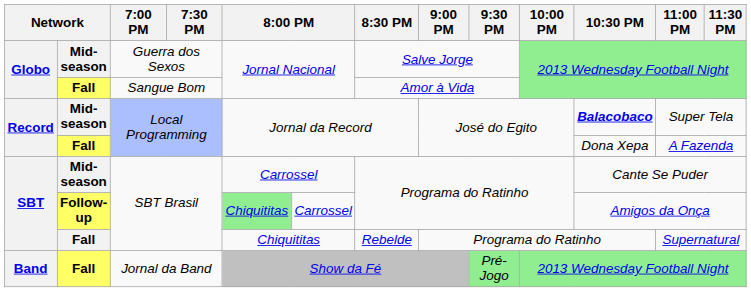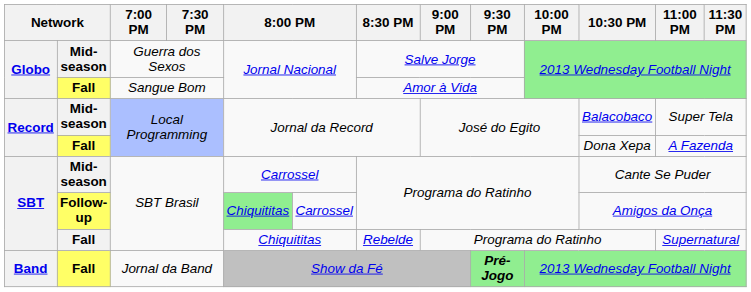 <table class="wikitable" style="width:100%;margin-right:0;text-align:center">
 <tr>
 <th colspan="2" style="width:12%;">Network</th>
 <th style="width:10%;">7:00 PM</th>
 <th style="width:10%;">7:30 PM</th>
 <th colspan="2" ! style="width:10%;">8:00 PM</th>
 <th style="width:10%;">8:30 PM</th>
 <th style="width:10%;">9:00 PM</th>
 <th style="width:10%;">9:30 PM</th>
 <th style="width:10%;">10:00 PM</th>
 <th style="width:10%;">10:30 PM</th>
 <th style="width:10%;">11:00 PM</th>
 <th style="width:10%;">11:30 PM</th>
 </tr>
 <tr>
 <th rowspan="2"><a href='#'>Globo</a></th>
 <th>Mid-season</th>
 <td colspan="2"><em>Guerra dos Sexos</em></td>
 <td colspan="2" rowspan="2"><em><a href='#'>Jornal Nacional</a></em></td>
 <td colspan="3"><em><a href='#'>Salve Jorge</a></em></td>
 <td colspan="4" style="background:lightgreen" rowspan="2"><em><a href='#'>2013 Wednesday Football Night</a></em></td>
 </tr>
 <tr>
 <th style="background:#FFFF66;">Fall</th>
 <td colspan="2"><em>Sangue Bom</em></td>
 <td colspan="3"><em><a href='#'>Amor à Vida</a></em></td>
 </tr>
 <tr>
 <th rowspan="2"><a href='#'>Record</a></th>
 <th>Mid-season</th>
 <td colspan="2" style="background:#abbfff;" rowspan="2"><em>Local Programming</em></td>
 <td colspan="3" rowspan="2"><em>Jornal da Record</em></td>
 <td colspan="3" rowspan="2"><em>José do Egito</em></td>
-<td colspan="1"><strong><em><a href='#'>Balacobaco</a></em></strong></td>
+<td colspan="1"><em><a href='#'>Balacobaco</a></em></td>
 <td colspan="2"><em>Super Tela</em></td>
 </tr>
 <tr>
 <th style="background:#FFFF66;">Fall</th>
 <td colspan="1"><em>Dona Xepa</em></td>
 <td colspan="2"><em><a href='#'>A Fazenda</a></em></td>
 </tr>
 <tr>
 <th rowspan="3"><a href='#'>SBT</a></th>
 <th>Mid-season</th>
 <td colspan="2" rowspan="3"><em>SBT Brasil</em></td>
 <td colspan="2"><em><a href='#'>Carrossel</a></em></td>
 <td colspan="4" rowspan="2"><em>Programa do Ratinho</em></td>
 <td colspan="3"><em>Cante Se Puder</em></td>
 </tr>
 <tr>
 <th style="background:#FFFF66;">Follow-up</th>
 <td colspan="1" style="background: lightgreen;"><em><a href='#'>Chiquititas</a></em></td>
 <td colspan="1"><em><a href='#'>Carrossel</a></em></td>
 <td colspan="3"><em><a href='#'>Amigos da Onça</a></em></td>
 </tr>
 <tr>
 <th>Fall</th>
 <td colspan="2"><em><a href='#'>Chiquititas</a></em></td>
 <td colspan="1"><em><a href='#'>Rebelde</a></em></td>
 <td colspan="4"><em>Programa do Ratinho</em></td>
 <td colspan="2"><em><a href='#'>Supernatural</a></em></td>
 </tr>
 <tr>
 <th colspan="1"><a href='#'>Band</a></th>
 <th style="background:#FFFF66;">Fall</th>
 <td colspan="2"><em>Jornal da Band</em></td>
 <td colspan="4" style="background:#C0C0C0;"><em><a href='#'>Show da Fé</a></em></td>
-<td colspan="1" style="background:lightgreen"><em>Pré-Jogo</em></td>
+<td colspan="1" style="background:lightgreen"><strong><em>Pré-Jogo</em></strong></td>
 <td colspan="4" style="background:lightgreen"><em><a href='#'>2013 Wednesday Football Night</a></em></td>
 </tr>
 </table>
